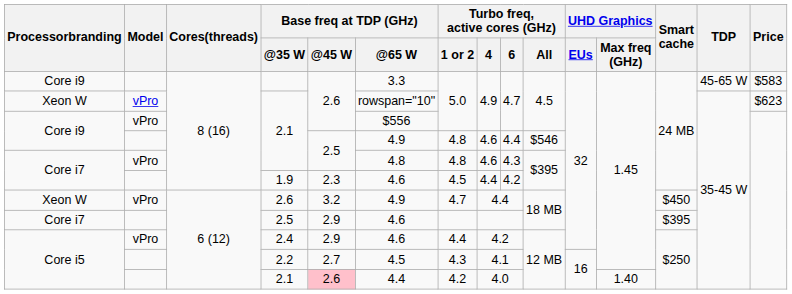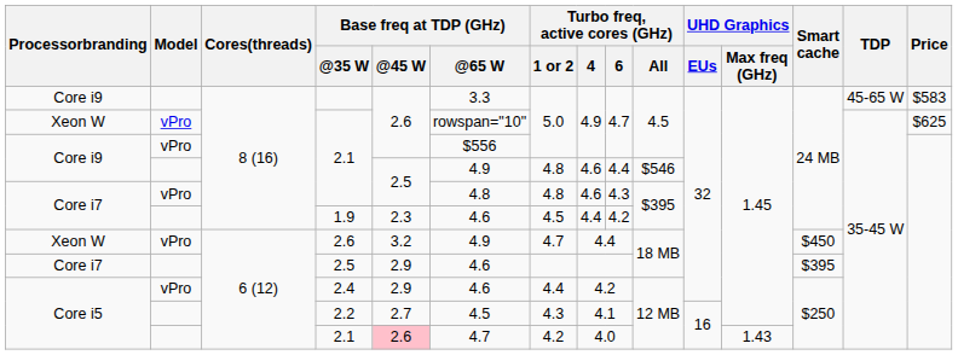 <table class="wikitable sortable" style="text-align: center;">
 <tr>
 <th rowspan="2">Processorbranding</th>
 <th rowspan="2">Model</th>
 <th rowspan="2">Cores(threads)</th>
 <th colspan="3">Base freq at TDP (GHz)</th>
 <th colspan="4">Turbo freq,<br>active cores (GHz)</th>
 <th colspan="2"><a href='#'>UHD Graphics</a></th>
 <th rowspan="2">Smart<br>cache</th>
 <th rowspan="2">TDP</th>
 <th rowspan="2">Price</th>
 </tr>
 <tr style="line-height:110%;">
 <th>@35 W</th>
 <th>@45 W</th>
 <th>@65 W</th>
 <th>1 or 2</th>
 <th>4</th>
 <th>6</th>
 <th>All</th>
 <th><a href='#'>EUs</a></th>
 <th>Max freq<br>(GHz)</th>
 </tr>
 <tr>
 <td>Core i9</td>
 <td></td>
 <td rowspan="6">8 (16)</td>
 <td></td>
 <td rowspan="3">2.6</td>
 <td>3.3</td>
 <td rowspan="3">5.0</td>
 <td rowspan="3">4.9</td>
 <td rowspan="3">4.7</td>
 <td rowspan="3">4.5</td>
 <td rowspan="9">32</td>
 <td rowspan="10">1.45</td>
 <td rowspan="6">24 MB</td>
 <td>45-65 W</td>
 <td>$583</td>
 </tr>
 <tr>
 <td>Xeon W</td>
 <td> <a href='#'>vPro</a></td>
 <td rowspan="4">2.1</td>
 <td>rowspan="10" </td>
 <td rowspan="10">35-45 W</td>
-<td>$623</td>
+<td>$625</td>
 </tr>
 <tr>
 <td rowspan="2">Core i9</td>
 <td> vPro</td>
 <td>$556</td>
 </tr>
 <tr>
 <td></td>
 <td rowspan="2">2.5</td>
 <td>4.9</td>
 <td>4.8</td>
 <td>4.6</td>
 <td>4.4</td>
 <td>$546</td>
 </tr>
 <tr>
 <td rowspan="2">Core i7</td>
 <td> vPro</td>
 <td>4.8</td>
 <td>4.8</td>
 <td>4.6</td>
 <td>4.3</td>
 <td rowspan="2">$395</td>
 </tr>
 <tr>
 <td></td>
 <td>1.9</td>
 <td>2.3</td>
 <td>4.6</td>
 <td>4.5</td>
 <td>4.4</td>
 <td>4.2</td>
 </tr>
 <tr>
 <td>Xeon W</td>
 <td> vPro</td>
 <td rowspan="5">6 (12)</td>
 <td>2.6</td>
 <td>3.2</td>
 <td>4.9</td>
 <td>4.7</td>
 <td colspan="2">4.4</td>
 <td rowspan="2">18 MB</td>
 <td>$450</td>
 </tr>
 <tr>
 <td>Core i7</td>
 <td></td>
 <td>2.5</td>
 <td>2.9</td>
 <td>4.6</td>
 <td></td>
 <td colspan="2"></td>
 <td>$395</td>
 </tr>
 <tr>
 <td rowspan="3">Core i5</td>
 <td> vPro</td>
 <td>2.4</td>
 <td>2.9</td>
 <td>4.6</td>
 <td>4.4</td>
 <td colspan="2">4.2</td>
 <td rowspan="3">12 MB</td>
 <td rowspan="3">$250</td>
 </tr>
 <tr>
 <td></td>
 <td>2.2</td>
 <td>2.7</td>
 <td>4.5</td>
 <td>4.3</td>
 <td colspan="2">4.1</td>
 <td rowspan="2">16</td>
 </tr>
 <tr>
 <td></td>
 <td>2.1</td>
 <td style="background: pink;">2.6</td>
-<td>4.4</td>
+<td>4.7</td>
 <td>4.2</td>
 <td colspan="2">4.0</td>
-<td>1.40</td>
+<td>1.43</td>
 </tr>
 </table>
